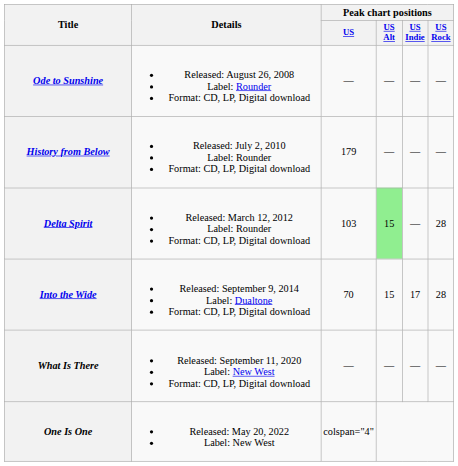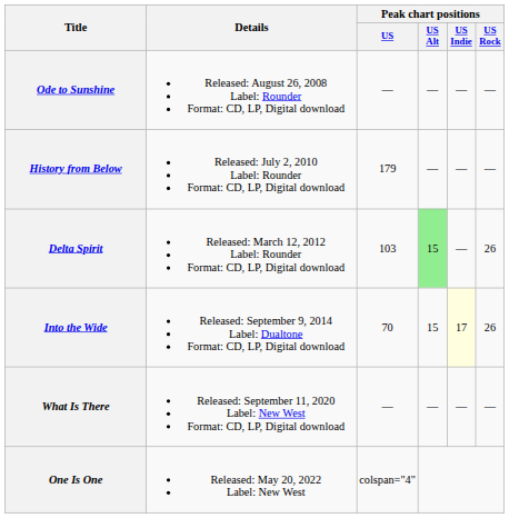 <table class="wikitable plainrowheaders" style="text-align:center;">
 <tr>
 <th scope="col" style="width:12em;" rowspan="2">Title</th>
 <th scope="col" style="width:18em;" rowspan="2">Details</th>
 <th scope="col" colspan="4">Peak chart positions</th>
 </tr>
 <tr>
 <th scope="col" style="width:2.5em;font-size:85%;"><a href='#'>US</a><br></th>
 <th scope="col" style="width:2.5em;font-size:85%;"><a href='#'>US<br>Alt</a><br></th>
 <th scope="col" style="width:2.5em;font-size:85%;"><a href='#'>US<br>Indie</a><br></th>
 <th scope="col" style="width:2.5em;font-size:85%;"><a href='#'>US<br>Rock</a><br></th>
 </tr>
 <tr>
 <th scope="row"><em><a href='#'>Ode to Sunshine</a></em></th>
 <td><br><ul><li>Released: August 26, 2008</li><li>Label: <a href='#'>Rounder</a></li><li>Format: CD, LP, Digital download</li></ul></td>
 <td>—</td>
 <td>—</td>
 <td>—</td>
 <td>—</td>
 </tr>
 <tr>
 <th scope="row"><em><a href='#'>History from Below</a></em></th>
 <td><br><ul><li>Released: July 2, 2010</li><li>Label: Rounder</li><li>Format: CD, LP, Digital download</li></ul></td>
 <td>179</td>
 <td>—</td>
 <td>—</td>
 <td>—</td>
 </tr>
 <tr>
 <th scope="row"><em><a href='#'>Delta Spirit</a></em></th>
 <td><br><ul><li>Released: March 12, 2012</li><li>Label: Rounder</li><li>Format: CD, LP, Digital download</li></ul></td>
 <td>103</td>
 <td style="background: lightgreen;">15</td>
 <td>—</td>
-<td>28</td>
+<td>26</td>
 </tr>
 <tr>
 <th scope="row"><em><a href='#'>Into the Wide</a></em></th>
 <td><br><ul><li>Released: September 9, 2014</li><li>Label: <a href='#'>Dualtone</a></li><li>Format: CD, LP, Digital download</li></ul></td>
 <td>70</td>
 <td>15</td>
-<td>17</td>
-<td>28</td>
+<td style="background: lightyellow;">17</td>
+<td>26</td>
 </tr>
 <tr>
 <th scope="row"><em>What Is There</em></th>
 <td><br><ul><li>Released: September 11, 2020</li><li>Label: <a href='#'>New West</a></li><li>Format: CD, LP, Digital download</li></ul></td>
 <td>—</td>
 <td>—</td>
 <td>—</td>
 <td>—</td>
 </tr>
 <tr>
 <th scope="row"><em>One Is One</em></th>
 <td><br><ul><li>Released: May 20, 2022</li><li>Label: New West</li></ul></td>
 <td>colspan="4" </td>
 </tr>
 </table>
